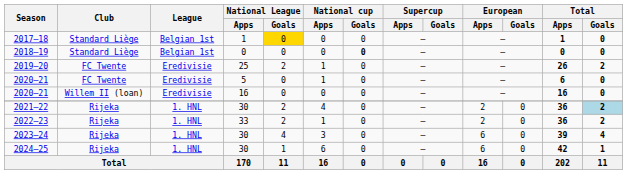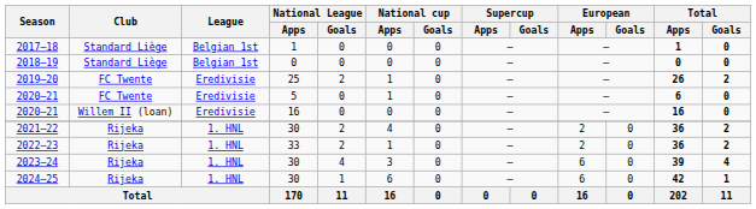 <table class="wikitable" style="font-size:90%; width: 100%; text-align: center;">
 <tr>
 <th rowspan=2 width=8%>Season</th>
 <th rowspan=2 width=14%>Club</th>
 <th rowspan=2 width=11%>League</th>
 <th colspan=2 width=11%>National League</th>
 <th colspan=2 width=10%>National cup</th>
 <th colspan=2 width=10%>Supercup</th>
 <th colspan=2 width=10%>European</th>
 <th colspan=2 width=10%>Total</th>
 </tr>
 <tr>
 <th width=6%>Apps</th>
 <th width=6%>Goals</th>
 <th width=6%>Apps</th>
 <th width=6%>Goals</th>
 <th width=6%>Apps</th>
 <th width=6%>Goals</th>
 <th width=6%>Apps</th>
 <th width=6%>Goals</th>
 <th width=6%>Apps</th>
 <th width=6%>Goals</th>
 </tr>
 <tr>
 <td><a href='#'>2017–18</a></td>
 <td rowspan=1><a href='#'>Standard Liège</a></td>
 <td rowspan=1><a href='#'>Belgian 1st</a></td>
 <td>1</td>
-<td style="background: gold;">0</td>
+<td>0</td>
 <td>0</td>
 <td>0</td>
 <td colspan=2>—</td>
 <td colspan=2>—</td>
 <td><strong>1</strong></td>
 <td><strong>0</strong></td>
 </tr>
 <tr>
 <td><a href='#'>2018–19</a></td>
 <td rowspan=1><a href='#'>Standard Liège</a></td>
 <td rowspan=1><a href='#'>Belgian 1st</a></td>
 <td>0</td>
 <td>0</td>
 <td>0</td>
-<td><strong>0</strong></td>
+<td>0</td>
 <td colspan=2>—</td>
 <td colspan=2>—</td>
 <td><strong>0</strong></td>
 <td><strong>0</strong></td>
 </tr>
 <tr>
 <td><a href='#'>2019–20</a></td>
 <td rowspan=1><a href='#'>FC Twente</a></td>
 <td rowspan=1><a href='#'>Eredivisie</a></td>
 <td>25</td>
 <td>2</td>
 <td>1</td>
 <td>0</td>
 <td colspan=2>—</td>
 <td colspan=2>—</td>
 <td><strong>26</strong></td>
 <td><strong>2</strong></td>
 </tr>
 <tr>
 <td><a href='#'>2020–21</a></td>
 <td rowspan=1><a href='#'>FC Twente</a></td>
 <td rowspan=1><a href='#'>Eredivisie</a></td>
 <td>5</td>
 <td>0</td>
 <td>1</td>
 <td>0</td>
 <td colspan=2>—</td>
 <td colspan=2>—</td>
 <td><strong>6</strong></td>
 <td><strong>0</strong></td>
 </tr>
 <tr>
 <td><a href='#'>2020–21</a></td>
 <td rowspan=1><a href='#'>Willem II</a> (loan)</td>
 <td rowspan=1><a href='#'>Eredivisie</a></td>
 <td>16</td>
 <td>0</td>
 <td>0</td>
 <td>0</td>
 <td colspan=2>—</td>
 <td colspan=2>—</td>
 <td><strong>16</strong></td>
 <td><strong>0</strong></td>
 </tr>
 <tr>
 </tr>
 <tr>
 <td><a href='#'>2021–22</a></td>
 <td rowspan=1><a href='#'>Rijeka</a></td>
 <td rowspan=1><a href='#'>1. HNL</a></td>
 <td>30</td>
 <td>2</td>
 <td>4</td>
 <td>0</td>
 <td colspan=2>—</td>
 <td>2</td>
 <td>0</td>
 <td><strong>36</strong></td>
-<td style="background: lightblue;"><strong>2</strong></td>
+<td><strong>2</strong></td>
 </tr>
 <tr>
 <td><a href='#'>2022–23</a></td>
 <td rowspan=1><a href='#'>Rijeka</a></td>
 <td rowspan=1><a href='#'>1. HNL</a></td>
 <td>33</td>
 <td>2</td>
 <td>1</td>
 <td>0</td>
 <td colspan=2>—</td>
 <td>2</td>
 <td>0</td>
 <td><strong>36</strong></td>
 <td><strong>2</strong></td>
 </tr>
 <tr>
 <td><a href='#'>2023–24</a></td>
 <td rowspan=1><a href='#'>Rijeka</a></td>
 <td rowspan=1><a href='#'>1. HNL</a></td>
 <td>30</td>
 <td>4</td>
 <td>3</td>
 <td>0</td>
 <td colspan=2>—</td>
 <td>6</td>
 <td>0</td>
 <td><strong>39</strong></td>
 <td><strong>4</strong></td>
 </tr>
 <tr>
 <td><a href='#'>2024–25</a></td>
 <td rowspan=1><a href='#'>Rijeka</a></td>
 <td rowspan=1><a href='#'>1. HNL</a></td>
 <td>30</td>
 <td>1</td>
 <td>6</td>
 <td>0</td>
 <td colspan=2>—</td>
 <td>6</td>
 <td>0</td>
 <td><strong>42</strong></td>
 <td><strong>1</strong></td>
 </tr>
 <tr>
 <th colspan=3 width=40%>Total</th>
 <th width=6%>170</th>
 <th width=6%>11</th>
 <th width=6%>16</th>
 <th width=6%>0</th>
 <th width=6%>0</th>
 <th width=6%>0</th>
 <th width=6%>16</th>
 <th width=6%>0</th>
 <th width=6%>202</th>
 <th width=6%>11</th>
 </tr>
 </table>
